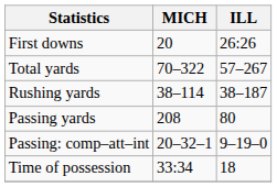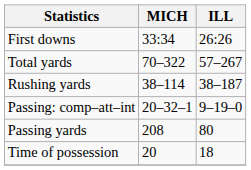 <table class="wikitable" style="float: left;">
 <tr>
 <th>Statistics</th>
 <th>MICH</th>
 <th>ILL</th>
 </tr>
 <tr>
 <td>First downs</td>
-<td>20</td>
+<td>33:34</td>
 <td>26:26</td>
 </tr>
 <tr>
 <td>Total yards</td>
 <td>70–322</td>
 <td>57–267</td>
 </tr>
 <tr>
 <td>Rushing yards</td>
 <td>38–114</td>
 <td>38–187</td>
 </tr>
 <tr>
+<td>Passing: comp–att–int</td>
+<td>20–32–1</td>
+<td>9–19–0</td>
+</tr>
+<tr>
 <td>Passing yards</td>
 <td>208</td>
 <td>80</td>
 </tr>
 <tr>
-<td>Passing: comp–att–int</td>
-<td>20–32–1</td>
-<td>9–19–0</td>
-</tr>
-<tr>
 <td>Time of possession</td>
-<td>33:34</td>
+<td>20</td>
 <td>18</td>
 </tr>
 <tr>
 </tr>
 </table>
